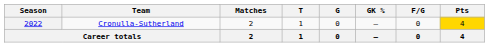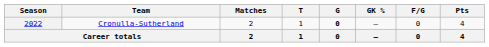 <table class="wikitable sortable"  style="font-size:90%; text-align:center; width:85%;">
 <tr>
 <th width=2%>Season</th>
 <th width=8%>Team</th>
 <th width=2%>Matches</th>
 <th width=2%>T</th>
 <th width=2%>G</th>
 <th width=2%>GK %</th>
 <th width=2%>F/G</th>
 <th width=2%>Pts</th>
 </tr>
 <tr>
 <th scope="row" style="text-align:center; font-weight:normal"><a href='#'>2022</a></th>
 <td style="text-align:center;"> <a href='#'>Cronulla-Sutherland</a></td>
 <td>2</td>
 <td>1</td>
-<td>0</td>
+<td><strong>0</strong></td>
 <td>—</td>
 <td>0</td>
-<td style="background: gold;">4</td>
+<td>4</td>
 </tr>
 <tr class="sortbottom">
 <th colspan=2>Career totals</th>
 <th>2</th>
 <th>1</th>
 <th>0</th>
 <th>—</th>
 <th>0</th>
 <th>4</th>
 </tr>
 </table>
